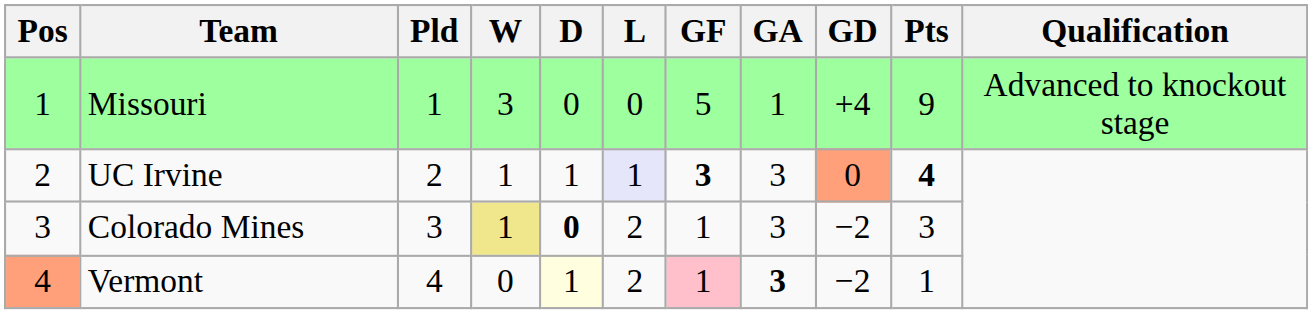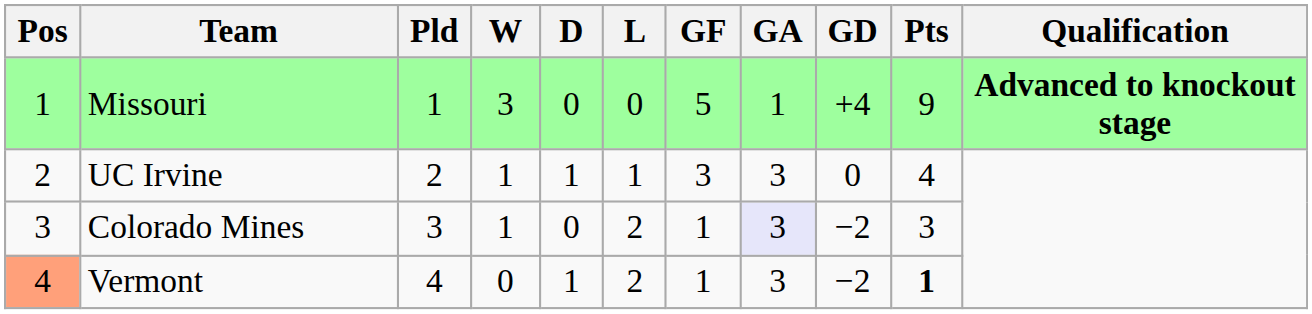 <table class="wikitable" style="text-align:center; margin: 1em auto">
 <tr>
 <th style="width:2em">Pos</th>
 <th style="width:13em">Team</th>
 <th style="width:2em">Pld</th>
 <th style="width:2em">W</th>
 <th style="width:2em">D</th>
 <th style="width:2em">L</th>
 <th style="width:2em">GF</th>
 <th style="width:2em">GA</th>
 <th style="width:2em">GD</th>
 <th style="width:2em">Pts</th>
 <th style="width:13em">Qualification</th>
 </tr>
 <tr bgcolor="#9eff9e">
 <td>1</td>
 <td style="text-align:left">Missouri</td>
 <td>1</td>
 <td>3</td>
 <td>0</td>
 <td>0</td>
 <td>5</td>
 <td>1</td>
 <td>+4</td>
 <td>9</td>
-<td>Advanced to knockout stage</td>
+<td><strong>Advanced to knockout stage</strong></td>
 </tr>
 <tr>
 <td>2</td>
 <td style="text-align:left">UC Irvine</td>
 <td>2</td>
 <td>1</td>
 <td>1</td>
-<td style="background: lavender;">1</td>
-<td><strong>3</strong></td>
+<td>1</td>
 <td>3</td>
-<td style="background: lightsalmon;">0</td>
-<td><strong>4</strong></td>
+<td>3</td>
+<td>0</td>
+<td>4</td>
 <td rowspan="3"></td>
 </tr>
 <tr>
 <td>3</td>
 <td style="text-align:left">Colorado Mines</td>
 <td>3</td>
-<td style="background: khaki;">1</td>
-<td><strong>0</strong></td>
+<td>1</td>
+<td>0</td>
 <td>2</td>
 <td>1</td>
-<td>3</td>
+<td style="background: lavender;">3</td>
 <td>−2</td>
 <td>3</td>
 </tr>
 <tr>
 <td style="background: lightsalmon;">4</td>
 <td style="text-align:left">Vermont</td>
 <td>4</td>
 <td>0</td>
-<td style="background: lightyellow;">1</td>
+<td>1</td>
 <td>2</td>
-<td style="background: pink;">1</td>
-<td><strong>3</strong></td>
+<td>1</td>
+<td>3</td>
 <td>−2</td>
-<td>1</td>
+<td><strong>1</strong></td>
 </tr>
 </table>
